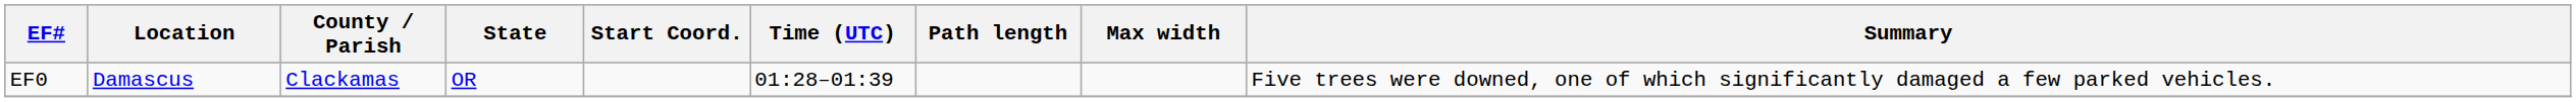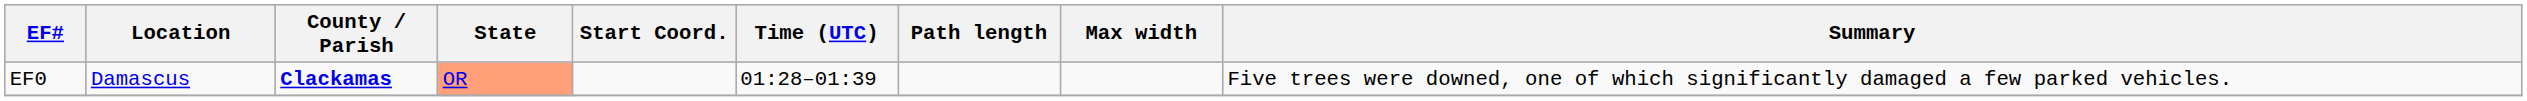 <table class="wikitable sortable" style="width:100%;">
 <tr>
 <th scope="col"  style="width:3%; text-align:center;"><a href='#'>EF#</a></th>
 <th scope="col"  style="width:7%; text-align:center;" class="unsortable">Location</th>
 <th scope="col"  style="width:6%; text-align:center;" class="unsortable">County / Parish</th>
 <th scope="col"  style="width:5%; text-align:center;">State</th>
 <th scope="col"  style="width:6%; text-align:center;">Start Coord.</th>
 <th scope="col"  style="width:6%; text-align:center;">Time (<a href='#'>UTC</a>)</th>
 <th scope="col"  style="width:6%; text-align:center;">Path length</th>
 <th scope="col"  style="width:6%; text-align:center;">Max width</th>
 <th scope="col" class="unsortable" style="width:48%; text-align:center;">Summary</th>
 </tr>
 <tr>
 <td>EF0</td>
 <td><a href='#'>Damascus</a></td>
-<td><a href='#'>Clackamas</a></td>
-<td><a href='#'>OR</a></td>
+<td><strong><a href='#'>Clackamas</a></strong></td>
+<td style="background: lightsalmon;"><a href='#'>OR</a></td>
 <td></td>
 <td>01:28–01:39</td>
 <td></td>
 <td></td>
 <td>Five trees were downed, one of which significantly damaged a few parked vehicles.</td>
 </tr>
 <tr>
 </tr>
 </table>
